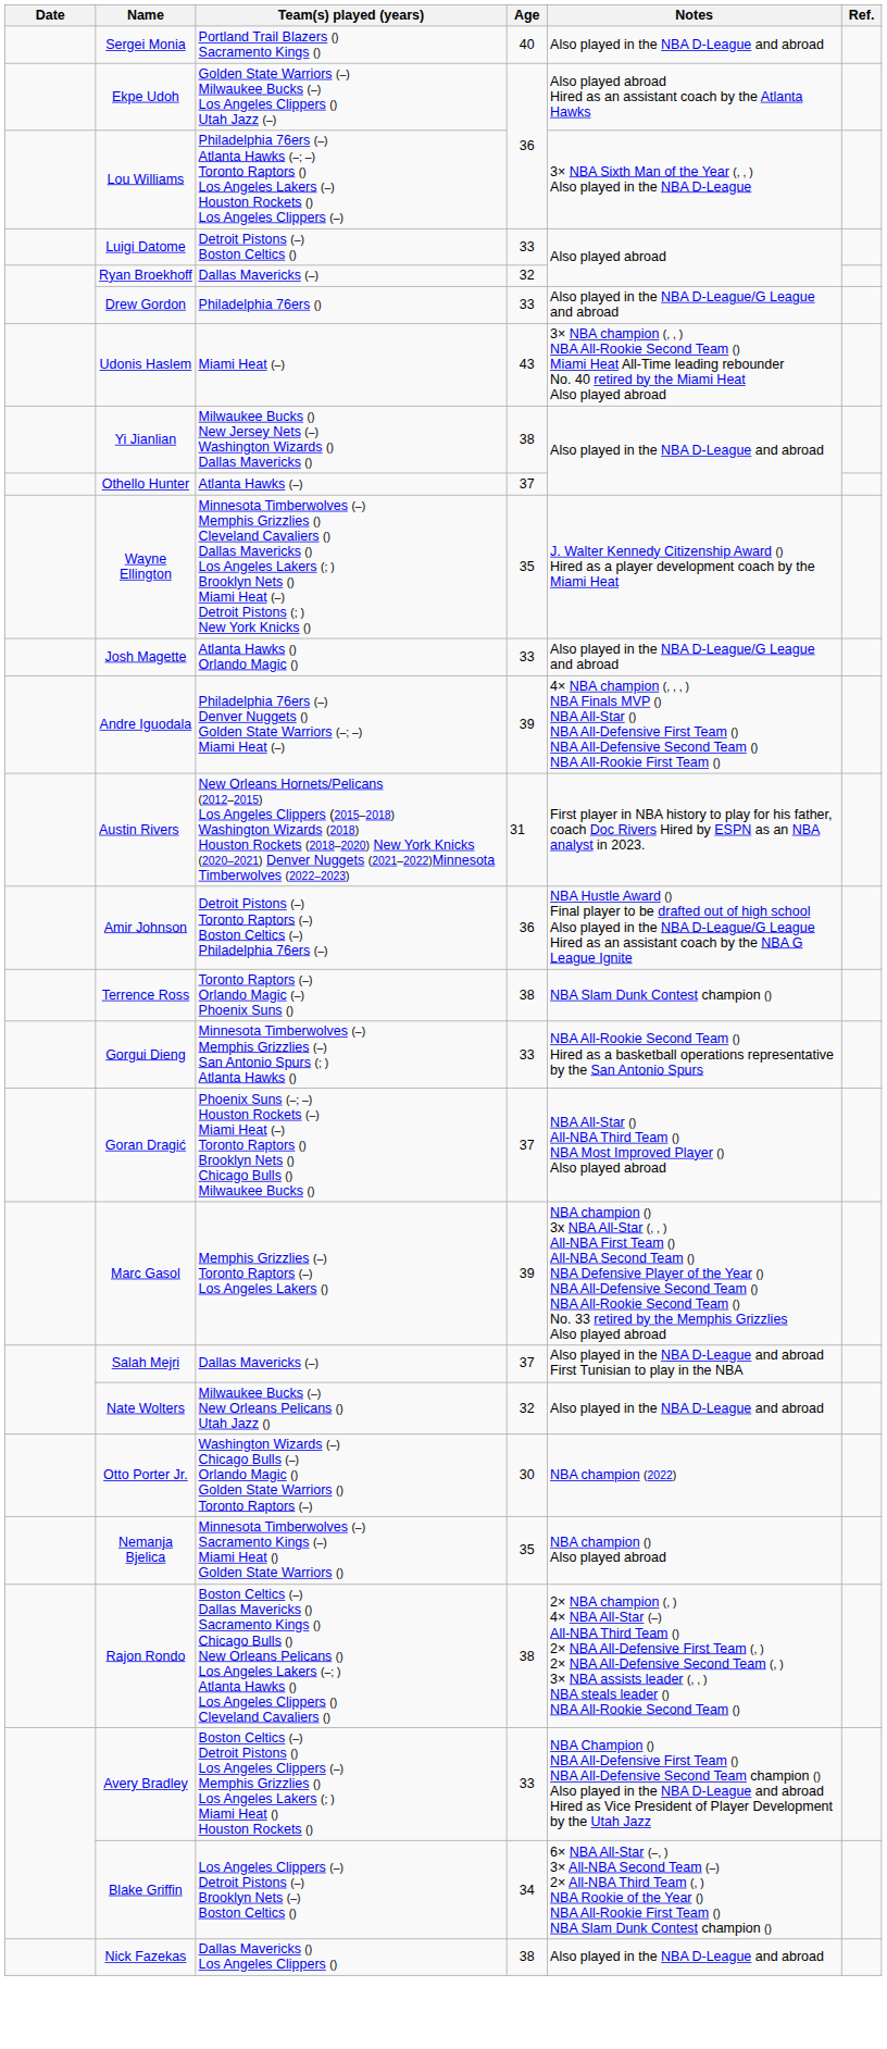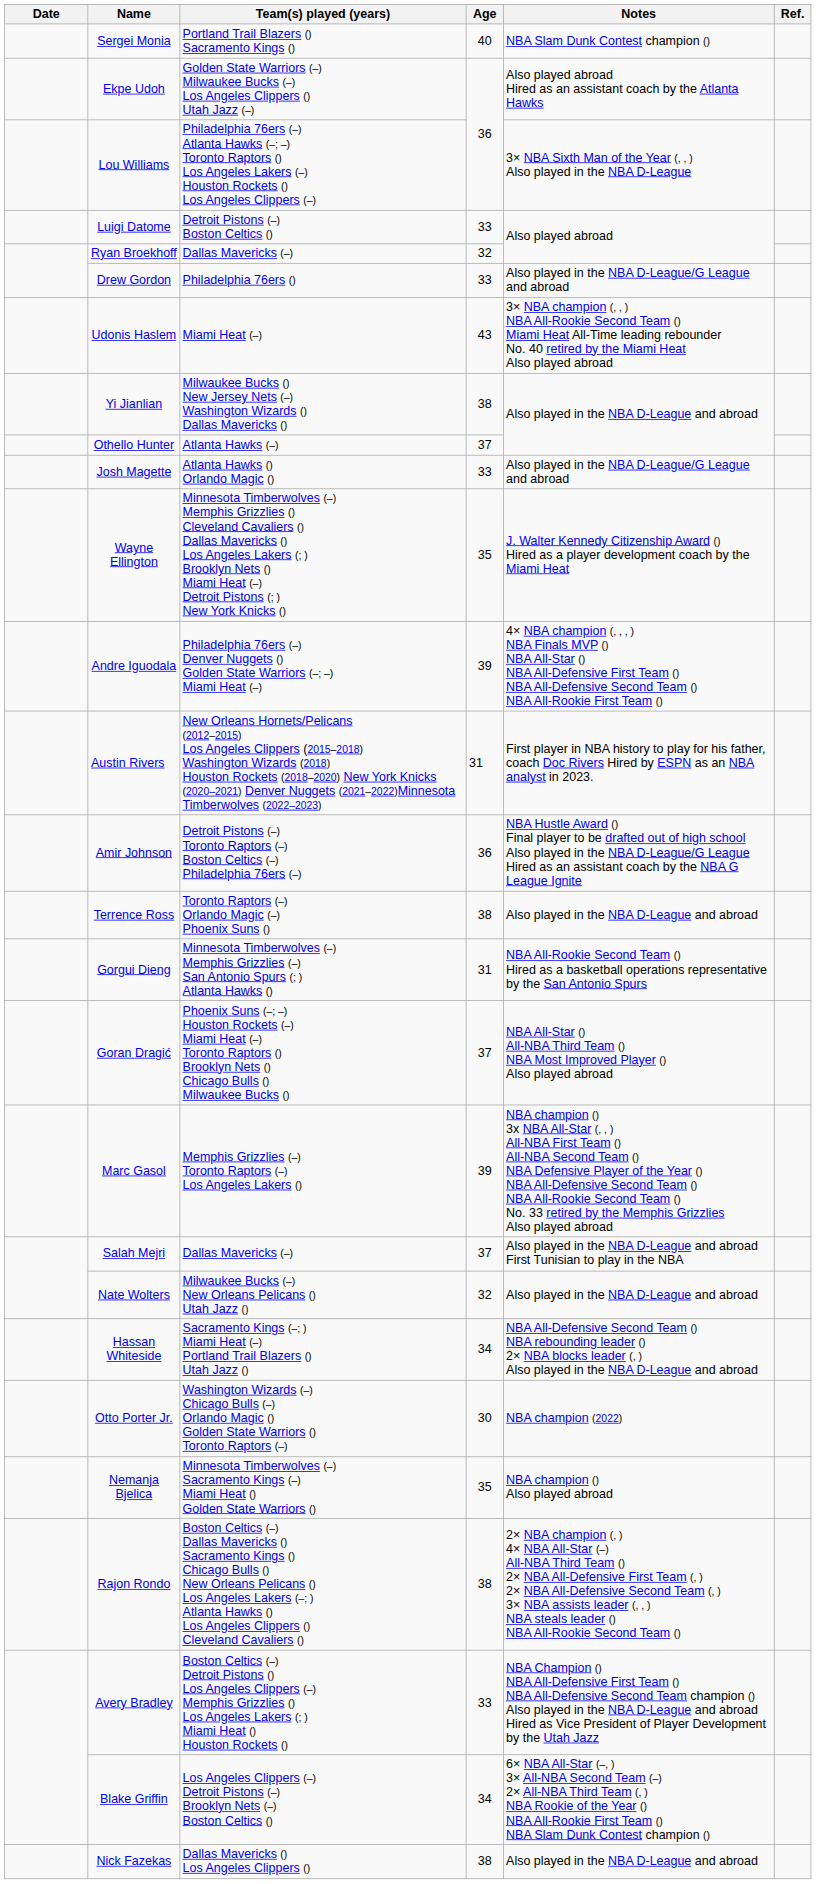 <table class="wikitable sortable">
 <tr>
 <th style="width:100px" align="center">Date</th>
 <th style="width:110px" align="center">Name</th>
 <th style="width:360px" align="left">Team(s) played (years)</th>
 <th style="width:40px" align="center">Age</th>
 <th style="width:340px" align="left">Notes</th>
 <th style="width:40px" align="center">Ref.</th>
 </tr>
 <tr>
 <td></td>
 <td align="center"><a href='#'>Sergei Monia</a></td>
 <td><a href='#'>Portland Trail Blazers</a> <small>()</small><br><a href='#'>Sacramento Kings</a> <small>()</small></td>
 <td align="center">40</td>
-<td>Also played in the <a href='#'>NBA D-League</a> and abroad</td>
+<td><a href='#'>NBA Slam Dunk Contest</a> champion <small>()</small></td>
 <td align="center"></td>
 </tr>
 <tr>
 <td></td>
 <td align="center"><a href='#'>Ekpe Udoh</a></td>
 <td><a href='#'>Golden State Warriors</a> <small>(–)</small><br><a href='#'>Milwaukee Bucks</a> <small>(–)</small><br><a href='#'>Los Angeles Clippers</a> <small>()</small><br><a href='#'>Utah Jazz</a> <small>(–)</small></td>
 <td rowspan=2 align="center">36</td>
 <td>Also played abroad<br>Hired as an assistant coach by the <a href='#'>Atlanta Hawks</a></td>
 <td align="center"></td>
 </tr>
 <tr>
 <td></td>
 <td align="center"><a href='#'>Lou Williams</a></td>
 <td><a href='#'>Philadelphia 76ers</a> <small>(–)</small><br><a href='#'>Atlanta Hawks</a> <small>(–; –)</small><br><a href='#'>Toronto Raptors</a> <small>()</small><br><a href='#'>Los Angeles Lakers</a> <small>(–)</small><br><a href='#'>Houston Rockets</a> <small>()</small><br><a href='#'>Los Angeles Clippers</a> <small>(–)</small></td>
 <td>3× <a href='#'>NBA Sixth Man of the Year</a> <small>(, , )</small><br>Also played in the <a href='#'>NBA D-League</a></td>
 <td align="center"></td>
 </tr>
 <tr>
 <td></td>
 <td align="center"><a href='#'>Luigi Datome</a></td>
 <td><a href='#'>Detroit Pistons</a> <small>(–)</small><br><a href='#'>Boston Celtics</a> <small>()</small></td>
 <td align="center">33</td>
 <td rowspan=2>Also played abroad</td>
 <td align="center"></td>
 </tr>
 <tr>
 <td rowspan=2></td>
 <td align="center"><a href='#'>Ryan Broekhoff</a></td>
 <td><a href='#'>Dallas Mavericks</a> <small>(–)</small></td>
 <td align="center">32</td>
 <td align="center"></td>
 </tr>
 <tr>
 <td align="center"><a href='#'>Drew Gordon</a></td>
 <td><a href='#'>Philadelphia 76ers</a> <small>()</small></td>
 <td align="center">33</td>
 <td>Also played in the <a href='#'>NBA D-League/G League</a> and abroad</td>
 <td align="center"></td>
 </tr>
 <tr>
 <td></td>
 <td align="center"><a href='#'>Udonis Haslem</a></td>
 <td><a href='#'>Miami Heat</a> <small>(–)</small></td>
 <td align="center">43</td>
 <td>3× <a href='#'>NBA champion</a> <small>(, , )</small><br><a href='#'>NBA All-Rookie Second Team</a> <small>()</small><br><a href='#'>Miami Heat</a> All-Time leading rebounder<br>No. 40 <a href='#'>retired by the Miami Heat</a><br>Also played abroad</td>
 <td align="center"></td>
 </tr>
 <tr>
 <td></td>
 <td align="center"><a href='#'>Yi Jianlian</a></td>
 <td><a href='#'>Milwaukee Bucks</a> <small>()</small><br><a href='#'>New Jersey Nets</a> <small>(–)</small><br><a href='#'>Washington Wizards</a> <small>()</small><br><a href='#'>Dallas Mavericks</a> <small>()</small></td>
 <td align="center">38</td>
 <td rowspan=2>Also played in the <a href='#'>NBA D-League</a> and abroad</td>
 <td align="center"></td>
 </tr>
 <tr>
 <td></td>
 <td align="center"><a href='#'>Othello Hunter</a></td>
 <td><a href='#'>Atlanta Hawks</a> <small>(–)</small></td>
 <td align="center">37</td>
 <td align="center"></td>
 </tr>
 <tr>
 <td></td>
+<td align="center"><a href='#'>Josh Magette</a></td>
+<td><a href='#'>Atlanta Hawks</a> <small>()</small><br><a href='#'>Orlando Magic</a> <small>()</small></td>
+<td align="center">33</td>
+<td>Also played in the <a href='#'>NBA D-League/G League</a> and abroad</td>
+<td align="center"></td>
+</tr>
+<tr>
+<td></td>
 <td align="center"><a href='#'>Wayne Ellington</a></td>
 <td><a href='#'>Minnesota Timberwolves</a> <small>(–)</small><br><a href='#'>Memphis Grizzlies</a> <small>()</small><br><a href='#'>Cleveland Cavaliers</a> <small>()</small><br><a href='#'>Dallas Mavericks</a> <small>()</small><br><a href='#'>Los Angeles Lakers</a> <small>(; )</small><br><a href='#'>Brooklyn Nets</a> <small>()</small><br><a href='#'>Miami Heat</a> <small>(–)</small><br><a href='#'>Detroit Pistons</a> <small>(; )</small><br><a href='#'>New York Knicks</a> <small>()</small></td>
 <td align="center">35</td>
 <td><a href='#'>J. Walter Kennedy Citizenship Award</a> <small>()</small><br>Hired as a player development coach by the <a href='#'>Miami Heat</a></td>
-<td align="center"></td>
-</tr>
-<tr>
-<td></td>
-<td align="center"><a href='#'>Josh Magette</a></td>
-<td><a href='#'>Atlanta Hawks</a> <small>()</small><br><a href='#'>Orlando Magic</a> <small>()</small></td>
-<td align="center">33</td>
-<td>Also played in the <a href='#'>NBA D-League/G League</a> and abroad</td>
 <td align="center"></td>
 </tr>
 <tr>
 <td></td>
 <td align="center"><a href='#'>Andre Iguodala</a></td>
 <td><a href='#'>Philadelphia 76ers</a> <small>(–)</small><br><a href='#'>Denver Nuggets</a> <small>()</small><br><a href='#'>Golden State Warriors</a> <small>(–; –)</small><br><a href='#'>Miami Heat</a> <small>(–)</small></td>
 <td align="center">39</td>
 <td>4× <a href='#'>NBA champion</a> <small>(, , , )</small><br><a href='#'>NBA Finals MVP</a> <small>()</small><br><a href='#'>NBA All-Star</a> <small>()</small><br><a href='#'>NBA All-Defensive First Team</a> <small>()</small><br><a href='#'>NBA All-Defensive Second Team</a> <small>()</small><br><a href='#'>NBA All-Rookie First Team</a> <small>()</small></td>
 <td align="center"></td>
 </tr>
 <tr>
 <td></td>
 <td><a href='#'>Austin Rivers</a></td>
 <td><a href='#'>New Orleans Hornets/Pelicans</a><br><small>(<a href='#'>2012</a>–<a href='#'>2015</a>)</small><br><a href='#'>Los Angeles Clippers</a>  (<small><a href='#'>2015</a>–<a href='#'>2018</a>)</small><br><a href='#'>Washington Wizards</a> <small>(<a href='#'>2018</a>)</small><br><a href='#'>Houston Rockets</a> <small>(<a href='#'>2018</a>–<a href='#'>2020</a>)</small>  <a href='#'>New York Knicks</a> <small>(<a href='#'>2020–2021</a>)</small> <a href='#'>Denver Nuggets</a> <small>(<a href='#'>2021</a>–<a href='#'>2022</a>)</small><a href='#'>Minnesota Timberwolves</a> <small>(<a href='#'>2022–2023</a>)</small></td>
 <td>31</td>
 <td>First player in NBA history to play for his father, coach <a href='#'>Doc Rivers</a> Hired by <a href='#'>ESPN</a> as an <a href='#'>NBA analyst</a> in 2023.</td>
 <td></td>
 </tr>
 <tr>
 <td></td>
 <td align="center"><a href='#'>Amir Johnson</a></td>
 <td><a href='#'>Detroit Pistons</a> <small>(–)</small><br><a href='#'>Toronto Raptors</a> <small>(–)</small><br><a href='#'>Boston Celtics</a> <small>(–)</small><br><a href='#'>Philadelphia 76ers</a> <small>(–)</small></td>
 <td align="center">36</td>
 <td><a href='#'>NBA Hustle Award</a> <small>()</small><br>Final player to be <a href='#'>drafted out of high school</a><br>Also played in the <a href='#'>NBA D-League/G League</a><br>Hired as an assistant coach by the <a href='#'>NBA G League Ignite</a></td>
 <td align="center"></td>
 </tr>
 <tr>
 <td></td>
 <td align="center"><a href='#'>Terrence Ross</a></td>
 <td><a href='#'>Toronto Raptors</a> <small>(–)</small><br><a href='#'>Orlando Magic</a> <small>(–)</small><br><a href='#'>Phoenix Suns</a> <small>()</small></td>
 <td align="center">38</td>
-<td><a href='#'>NBA Slam Dunk Contest</a> champion <small>()</small></td>
+<td>Also played in the <a href='#'>NBA D-League</a> and abroad</td>
 <td align="center"></td>
 </tr>
 <tr>
 <td></td>
 <td align="center"><a href='#'>Gorgui Dieng</a></td>
 <td><a href='#'>Minnesota Timberwolves</a> <small>(–)</small><br><a href='#'>Memphis Grizzlies</a> <small>(–)</small><br><a href='#'>San Antonio Spurs</a> <small>(; )</small><br><a href='#'>Atlanta Hawks</a> <small>()</small></td>
-<td align="center">33</td>
+<td align="center">31</td>
 <td><a href='#'>NBA All-Rookie Second Team</a> <small>()</small><br>Hired as a basketball operations representative by the <a href='#'>San Antonio Spurs</a></td>
 <td align="center"></td>
 </tr>
 <tr>
 <td></td>
 <td align="center"><a href='#'>Goran Dragić</a></td>
 <td><a href='#'>Phoenix Suns</a> <small>(–; –)</small><br><a href='#'>Houston Rockets</a> <small>(–)</small><br><a href='#'>Miami Heat</a> <small>(–)</small><br><a href='#'>Toronto Raptors</a> <small>()</small><br><a href='#'>Brooklyn Nets</a> <small>()</small><br><a href='#'>Chicago Bulls</a> <small>()</small><br><a href='#'>Milwaukee Bucks</a> <small>()</small></td>
 <td align="center">37</td>
 <td><a href='#'>NBA All-Star</a> <small>()</small><br><a href='#'>All-NBA Third Team</a> <small>()</small><br><a href='#'>NBA Most Improved Player</a> <small>()</small><br>Also played abroad</td>
 <td align="center"></td>
 </tr>
 <tr>
 <td></td>
 <td align="center"><a href='#'>Marc Gasol</a></td>
 <td><a href='#'>Memphis Grizzlies</a> <small>(–)</small><br><a href='#'>Toronto Raptors</a> <small>(–)</small><br><a href='#'>Los Angeles Lakers</a> <small>()</small></td>
 <td align="center">39</td>
 <td><a href='#'>NBA champion</a> <small>()</small><br>3x <a href='#'>NBA All-Star</a> <small>(, , )</small><br><a href='#'>All-NBA First Team</a> <small>()</small><br><a href='#'>All-NBA Second Team</a> <small>()</small><br><a href='#'>NBA Defensive Player of the Year</a> <small>()</small><br><a href='#'>NBA All-Defensive Second Team</a> <small>()</small><br><a href='#'>NBA All-Rookie Second Team</a> <small>()</small><br>No. 33 <a href='#'>retired by the Memphis Grizzlies</a><br>Also played abroad</td>
 <td align="center"></td>
 </tr>
 <tr>
 <td rowspan=2 align="center"></td>
 <td align="center"><a href='#'>Salah Mejri</a></td>
 <td><a href='#'>Dallas Mavericks</a> <small>(–)</small></td>
 <td align="center">37</td>
 <td>Also played in the <a href='#'>NBA D-League</a> and abroad<br>First Tunisian to play in the NBA</td>
 <td align="center"></td>
 </tr>
 <tr>
 <td align="center"><a href='#'>Nate Wolters</a></td>
 <td><a href='#'>Milwaukee Bucks</a> <small>(–)</small><br><a href='#'>New Orleans Pelicans</a> <small>()</small><br><a href='#'>Utah Jazz</a> <small>()</small></td>
 <td align="center">32</td>
 <td>Also played in the <a href='#'>NBA D-League</a> and abroad</td>
+<td align="center"></td>
+</tr>
+<tr>
+<td></td>
+<td align="center"><a href='#'>Hassan Whiteside</a></td>
+<td><a href='#'>Sacramento Kings</a> <small>(–; )</small><br><a href='#'>Miami Heat</a> <small>(–)</small><br><a href='#'>Portland Trail Blazers</a> <small>()</small><br><a href='#'>Utah Jazz</a> <small>()</small></td>
+<td align="center">34</td>
+<td><a href='#'>NBA All-Defensive Second Team</a> <small>()</small><br><a href='#'>NBA rebounding leader</a> <small>()</small><br>2× <a href='#'>NBA blocks leader</a> <small>(, )</small><br>Also played in the <a href='#'>NBA D-League</a> and abroad</td>
 <td align="center"></td>
 </tr>
 <tr>
 <td></td>
 <td align="center"><a href='#'>Otto Porter Jr.</a></td>
 <td><a href='#'>Washington Wizards</a> <small>(–)</small><br><a href='#'>Chicago Bulls</a> <small>(–)</small><br><a href='#'>Orlando Magic</a> <small>()</small><br><a href='#'>Golden State Warriors</a> <small>()</small><br><a href='#'>Toronto Raptors</a> <small>(–)</small></td>
 <td align="center">30</td>
 <td><a href='#'>NBA champion</a> <small>(<a href='#'>2022</a>)</small></td>
 <td align="center"></td>
 </tr>
 <tr>
 <td></td>
 <td align="center"><a href='#'>Nemanja Bjelica</a></td>
 <td><a href='#'>Minnesota Timberwolves</a> <small>(–)</small><br><a href='#'>Sacramento Kings</a> <small>(–)</small><br><a href='#'>Miami Heat</a> <small>()</small><br><a href='#'>Golden State Warriors</a> <small>()</small></td>
 <td align="center">35</td>
 <td><a href='#'>NBA champion</a> <small>()</small><br>Also played abroad</td>
 <td align="center"></td>
 </tr>
 <tr>
 <td></td>
 <td align="center"><a href='#'>Rajon Rondo</a></td>
 <td><a href='#'>Boston Celtics</a> <small>(–)</small><br><a href='#'>Dallas Mavericks</a> <small>()</small><br><a href='#'>Sacramento Kings</a> <small>()</small><br><a href='#'>Chicago Bulls</a> <small>()</small><br><a href='#'>New Orleans Pelicans</a> <small>()</small><br><a href='#'>Los Angeles Lakers</a> <small>(–; )</small><br><a href='#'>Atlanta Hawks</a> <small>()</small><br><a href='#'>Los Angeles Clippers</a> <small>()</small><br><a href='#'>Cleveland Cavaliers</a> <small>()</small></td>
 <td align="center">38</td>
 <td>2× <a href='#'>NBA champion</a> <small>(, )</small><br>4× <a href='#'>NBA All-Star</a> <small>(–)</small><br><a href='#'>All-NBA Third Team</a> <small>()</small><br>2× <a href='#'>NBA All-Defensive First Team</a> <small>(, )</small><br>2× <a href='#'>NBA All-Defensive Second Team</a> <small>(, )</small><br>3× <a href='#'>NBA assists leader</a> <small>(, , )</small><br><a href='#'>NBA steals leader</a> <small>()</small><br><a href='#'>NBA All-Rookie Second Team</a> <small>()</small></td>
 <td align="center"></td>
 </tr>
 <tr>
 <td rowspan=2></td>
 <td align="center"><a href='#'>Avery Bradley</a></td>
 <td><a href='#'>Boston Celtics</a> <small>(–)</small><br><a href='#'>Detroit Pistons</a> <small>()</small><br><a href='#'>Los Angeles Clippers</a> <small>(–)</small><br><a href='#'>Memphis Grizzlies</a> <small>()</small><br><a href='#'>Los Angeles Lakers</a> <small>(; )</small><br><a href='#'>Miami Heat</a> <small>()</small><br><a href='#'>Houston Rockets</a> <small>()</small></td>
 <td align="center">33</td>
 <td><a href='#'>NBA Champion</a> <small>()</small><br><a href='#'>NBA All-Defensive First Team</a> <small>()</small><br><a href='#'>NBA All-Defensive Second Team</a> champion <small>()</small><br>Also played in the <a href='#'>NBA D-League</a> and abroad<br>Hired as Vice President of Player Development by the <a href='#'>Utah Jazz</a></td>
 <td align="center"></td>
 </tr>
 <tr>
 <td align="center"><a href='#'>Blake Griffin</a></td>
 <td><a href='#'>Los Angeles Clippers</a> <small>(–)</small><br><a href='#'>Detroit Pistons</a> <small>(–)</small><br><a href='#'>Brooklyn Nets</a> <small>(–)</small><br><a href='#'>Boston Celtics</a> <small>()</small></td>
 <td align="center">34</td>
 <td>6× <a href='#'>NBA All-Star</a> <small>(–, )</small><br>3× <a href='#'>All-NBA Second Team</a> <small>(–)</small><br>2× <a href='#'>All-NBA Third Team</a> <small>(, )</small><br><a href='#'>NBA Rookie of the Year</a> <small>()</small><br><a href='#'>NBA All-Rookie First Team</a> <small>()</small><br><a href='#'>NBA Slam Dunk Contest</a> champion <small>()</small></td>
 <td align="center"></td>
 </tr>
 <tr>
 <td></td>
 <td align="center"><a href='#'>Nick Fazekas</a></td>
 <td><a href='#'>Dallas Mavericks</a> <small>()</small><br><a href='#'>Los Angeles Clippers</a> <small>()</small></td>
 <td align="center">38</td>
 <td>Also played in the <a href='#'>NBA D-League</a> and abroad</td>
 <td align="center"></td>
 </tr>
 </table>
